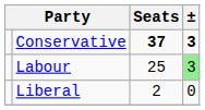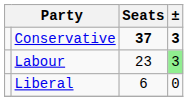 <table class="sortable wikitable">
 <tr>
 <th colspan="2">Party</th>
 <th>Seats</th>
 <th>±</th>
 </tr>
 <tr>
 <td style="background-color: "></td>
 <td><a href='#'>Conservative</a></td>
 <td align="center"><strong>37</strong></td>
 <td align="center"><strong>3</strong></td>
 </tr>
 <tr>
 <td style="background-color: "></td>
 <td><a href='#'>Labour</a></td>
-<td align="center">25</td>
+<td align="center">23</td>
 <td align="center" style="background: lightgreen;">3</td>
 </tr>
 <tr>
 <td style="background-color: "></td>
 <td><a href='#'>Liberal</a></td>
-<td align="center">2</td>
+<td align="center">6</td>
 <td align="center">0</td>
 </tr>
 <tr>
 </tr>
 </table>
